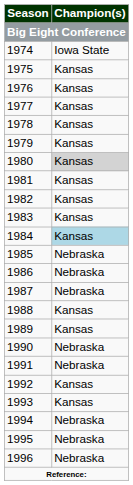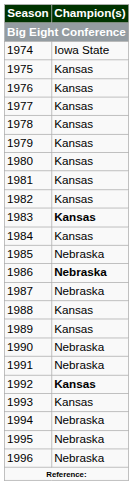 <table class="wikitable">
 <tr>
 <th style="background:#003300;color:white;">Season</th>
 <th style="background:#003300;color:white;">Champion(s)</th>
 </tr>
 <tr>
 <th colspan="2" style="background:#949CA1;color:white;"><strong>Big Eight Conference</strong></th>
 </tr>
 <tr>
 <td>1974</td>
 <td>Iowa State</td>
 </tr>
 <tr>
 <td>1975</td>
 <td>Kansas</td>
 </tr>
 <tr>
 <td>1976</td>
 <td>Kansas</td>
 </tr>
 <tr>
 <td>1977</td>
 <td>Kansas</td>
 </tr>
 <tr>
 <td>1978</td>
 <td>Kansas</td>
 </tr>
 <tr>
 <td>1979</td>
 <td>Kansas</td>
 </tr>
 <tr>
 <td>1980</td>
-<td style="background: lightgrey;">Kansas</td>
+<td>Kansas</td>
 </tr>
 <tr>
 <td>1981</td>
 <td>Kansas</td>
 </tr>
 <tr>
 <td>1982</td>
 <td>Kansas</td>
 </tr>
 <tr>
 <td>1983</td>
-<td>Kansas</td>
+<td><strong>Kansas</strong></td>
 </tr>
 <tr>
 <td>1984</td>
-<td style="background: lightblue;">Kansas</td>
+<td>Kansas</td>
 </tr>
 <tr>
 <td>1985</td>
 <td>Nebraska</td>
 </tr>
 <tr>
 <td>1986</td>
-<td>Nebraska</td>
+<td><strong>Nebraska</strong></td>
 </tr>
 <tr>
 <td>1987</td>
 <td>Nebraska</td>
 </tr>
 <tr>
 <td>1988</td>
 <td>Kansas</td>
 </tr>
 <tr>
 <td>1989</td>
 <td>Kansas</td>
 </tr>
 <tr>
 <td>1990</td>
 <td>Nebraska</td>
 </tr>
 <tr>
 <td>1991</td>
 <td>Nebraska</td>
 </tr>
 <tr>
 <td>1992</td>
-<td>Kansas</td>
+<td><strong>Kansas</strong></td>
 </tr>
 <tr>
 <td>1993</td>
 <td>Kansas</td>
 </tr>
 <tr>
 <td>1994</td>
 <td>Nebraska</td>
 </tr>
 <tr>
 <td>1995</td>
 <td>Nebraska</td>
 </tr>
 <tr>
 <td>1996</td>
 <td>Nebraska</td>
 </tr>
 <tr>
 <td colspan="2"  style="font-size:8pt; text-align:center;"><strong>Reference:</strong></td>
 </tr>
 </table>
